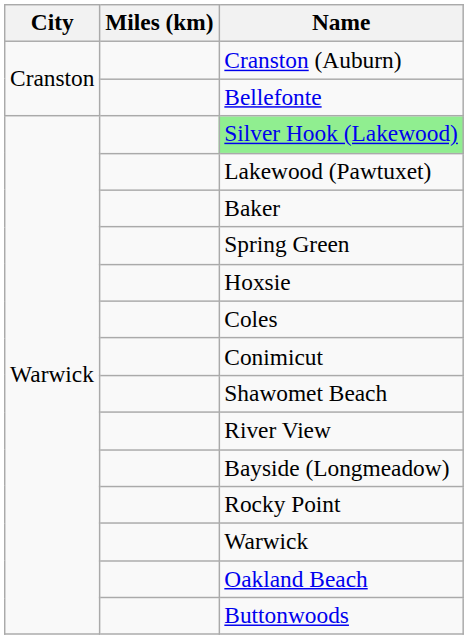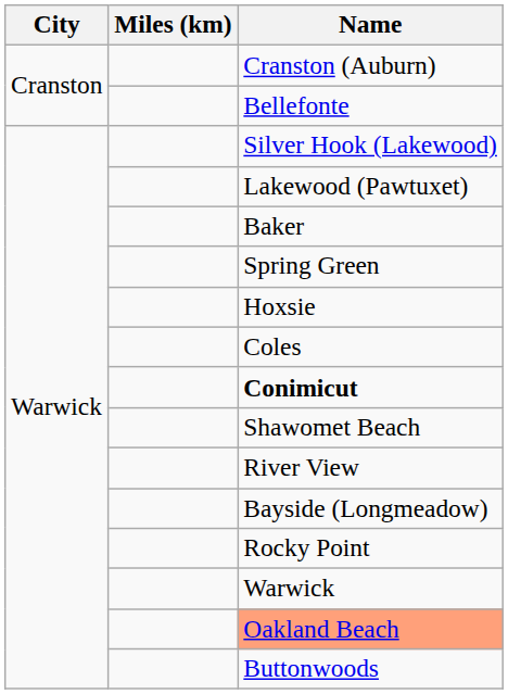 <table class="wikitable">
 <tr>
 <th>City</th>
 <th>Miles (km)</th>
 <th>Name</th>
 </tr>
 <tr>
 <td rowspan=2>Cranston</td>
 <td></td>
 <td><a href='#'>Cranston</a> (Auburn)</td>
 </tr>
 <tr>
 <td></td>
 <td><a href='#'>Bellefonte</a></td>
 </tr>
 <tr>
 <td rowspan=15>Warwick</td>
 <td></td>
-<td style="background: lightgreen;"><a href='#'>Silver Hook (Lakewood)</a></td>
+<td><a href='#'>Silver Hook (Lakewood)</a></td>
 </tr>
 <tr>
 <td></td>
 <td>Lakewood (Pawtuxet)</td>
 </tr>
 <tr>
 <td></td>
 <td>Baker</td>
 </tr>
 <tr>
 <td></td>
 <td>Spring Green</td>
 </tr>
 <tr>
 <td></td>
 <td>Hoxsie</td>
 </tr>
 <tr>
 <td></td>
 <td>Coles</td>
 </tr>
 <tr>
 <td></td>
-<td>Conimicut</td>
+<td><strong>Conimicut</strong></td>
 </tr>
 <tr>
 <td></td>
 <td>Shawomet Beach</td>
 </tr>
 <tr>
 <td></td>
 <td>River View</td>
 </tr>
 <tr>
 <td></td>
 <td>Bayside (Longmeadow)</td>
 </tr>
 <tr>
 <td></td>
 <td>Rocky Point</td>
 </tr>
 <tr>
 <td></td>
 <td>Warwick</td>
 </tr>
 <tr>
 <td></td>
-<td><a href='#'>Oakland Beach</a></td>
+<td style="background: lightsalmon;"><a href='#'>Oakland Beach</a></td>
 </tr>
 <tr>
 <td></td>
 <td><a href='#'>Buttonwoods</a></td>
 </tr>
 </table>
